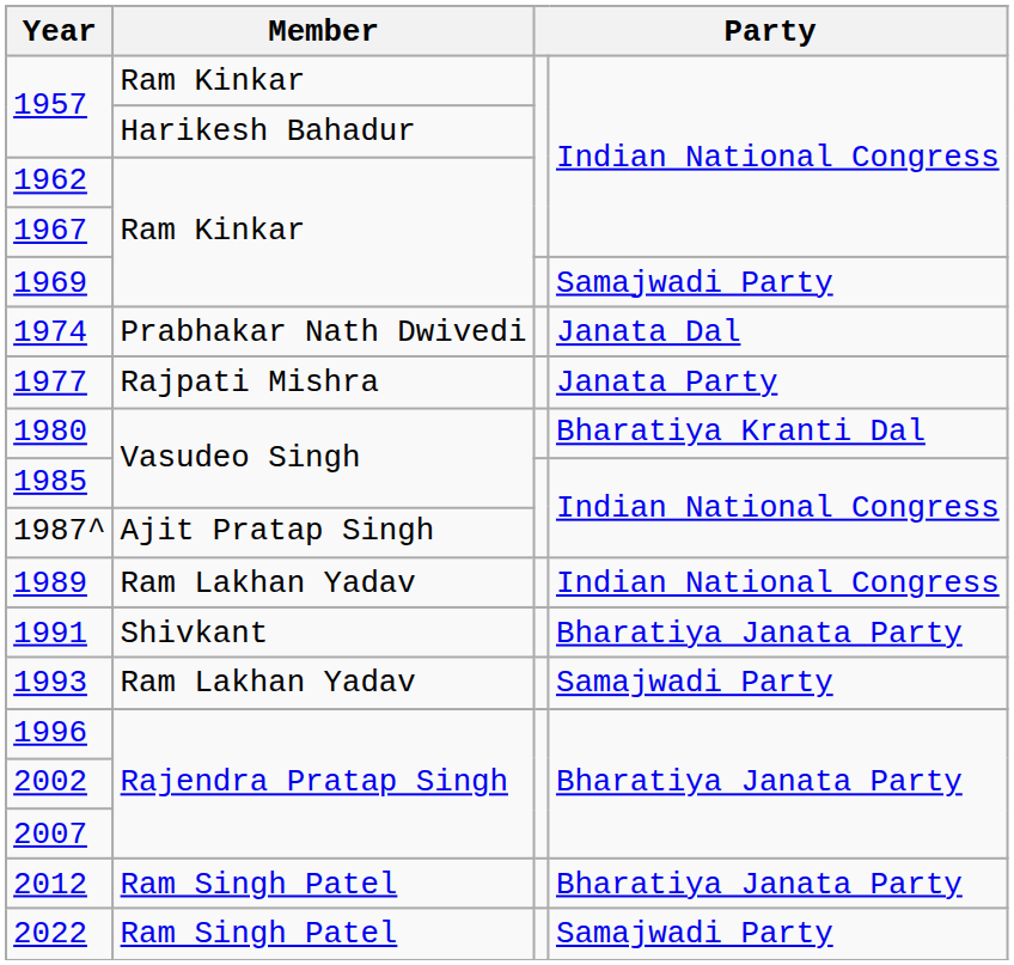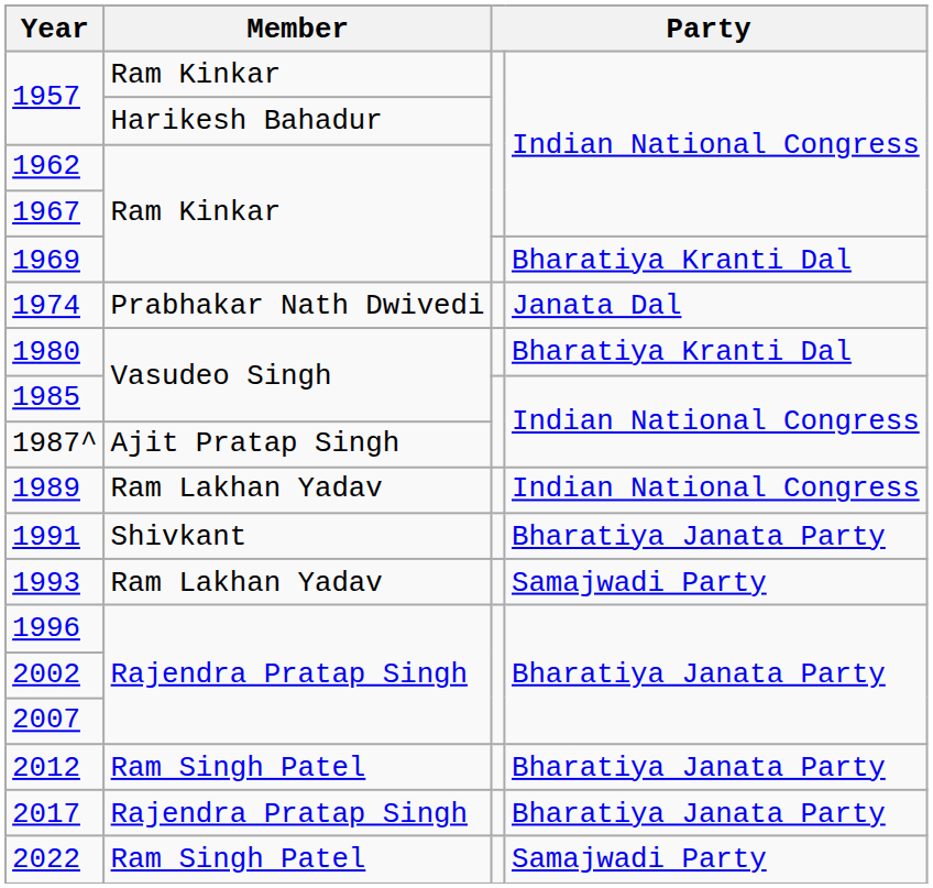 <table class="wikitable">
 <tr>
 <th>Year</th>
 <th>Member</th>
 <th colspan="2">Party</th>
 </tr>
 <tr>
 <td rowspan="2"><a href='#'>1957</a></td>
 <td>Ram Kinkar</td>
 <td rowspan="4" style="background-color: "></td>
 <td rowspan="4"><a href='#'>Indian National Congress</a></td>
 </tr>
 <tr>
 <td>Harikesh Bahadur</td>
 </tr>
 <tr>
 <td><a href='#'>1962</a></td>
 <td rowspan="3">Ram Kinkar</td>
 </tr>
 <tr>
 <td><a href='#'>1967</a></td>
 </tr>
 <tr>
 <td><a href='#'>1969</a></td>
 <td style="background-color: "></td>
-<td><a href='#'>Samajwadi Party</a></td>
+<td><a href='#'>Bharatiya Kranti Dal</a></td>
 </tr>
 <tr>
 <td><a href='#'>1974</a></td>
 <td>Prabhakar Nath Dwivedi</td>
 <td style="background-color: "></td>
 <td><a href='#'>Janata Dal</a></td>
-</tr>
-<tr>
-<td><a href='#'>1977</a></td>
-<td>Rajpati Mishra</td>
-<td style="background-color: "></td>
-<td><a href='#'>Janata Party</a></td>
 </tr>
 <tr>
 <td><a href='#'>1980</a></td>
 <td rowspan="2">Vasudeo Singh</td>
 <td style="background-color: "></td>
 <td><a href='#'>Bharatiya Kranti Dal</a></td>
 </tr>
 <tr>
 <td><a href='#'>1985</a></td>
 <td rowspan="2" style="background-color: "></td>
 <td rowspan="2"><a href='#'>Indian National Congress</a></td>
 </tr>
 <tr>
 <td>1987^</td>
 <td>Ajit Pratap Singh</td>
 </tr>
 <tr>
 <td><a href='#'>1989</a></td>
 <td>Ram Lakhan Yadav</td>
 <td style="background-color: "></td>
 <td><a href='#'>Indian National Congress</a></td>
 </tr>
 <tr>
 <td><a href='#'>1991</a></td>
 <td>Shivkant</td>
 <td style="background-color: "></td>
 <td><a href='#'>Bharatiya Janata Party</a></td>
 </tr>
 <tr>
 <td><a href='#'>1993</a></td>
 <td>Ram Lakhan Yadav</td>
 <td style="background-color: "></td>
 <td><a href='#'>Samajwadi Party</a></td>
 </tr>
 <tr>
 <td><a href='#'>1996</a></td>
 <td rowspan="3"><a href='#'>Rajendra Pratap Singh</a></td>
 <td rowspan="3" style="background-color: "></td>
 <td rowspan="3"><a href='#'>Bharatiya Janata Party</a></td>
 </tr>
 <tr>
 <td><a href='#'>2002</a></td>
 </tr>
 <tr>
 <td><a href='#'>2007</a></td>
 </tr>
 <tr>
 <td><a href='#'>2012</a></td>
 <td><a href='#'>Ram Singh Patel</a></td>
 <td style="background-color: "></td>
 <td><a href='#'>Bharatiya Janata Party</a></td>
 </tr>
 <tr>
+<td><a href='#'>2017</a></td>
+<td><a href='#'>Rajendra Pratap Singh</a></td>
+<td style="background-color: "></td>
+<td><a href='#'>Bharatiya Janata Party</a></td>
+</tr>
+<tr>
 <td><a href='#'>2022</a></td>
 <td><a href='#'>Ram Singh Patel</a></td>
 <td style="background-color: "></td>
 <td><a href='#'>Samajwadi Party</a></td>
 </tr>
 </table>
